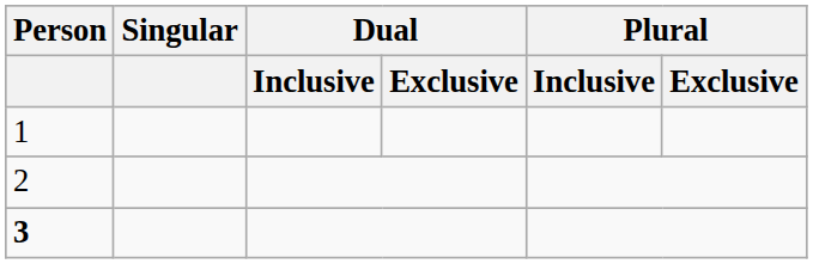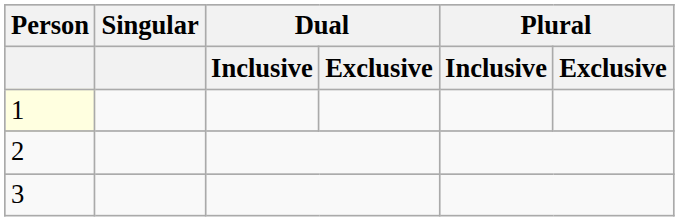 <table class="wikitable">
 <tr>
 <th>Person</th>
 <th>Singular</th>
 <th colspan="2">Dual</th>
 <th colspan="2">Plural</th>
 </tr>
 <tr>
 <th></th>
 <th></th>
 <th>Inclusive</th>
 <th>Exclusive</th>
 <th>Inclusive</th>
 <th>Exclusive</th>
 </tr>
 <tr>
-<td>1</td>
+<td style="background: lightyellow;">1</td>
 <td></td>
 <td></td>
 <td></td>
 <td></td>
 <td></td>
 </tr>
 <tr>
 <td>2</td>
 <td></td>
 <td colspan="2"></td>
 <td colspan="2"></td>
 </tr>
 <tr>
-<td><strong>3</strong></td>
+<td>3</td>
 <td></td>
 <td colspan="2">    </td>
 <td colspan="2">    </td>
 </tr>
 </table>
